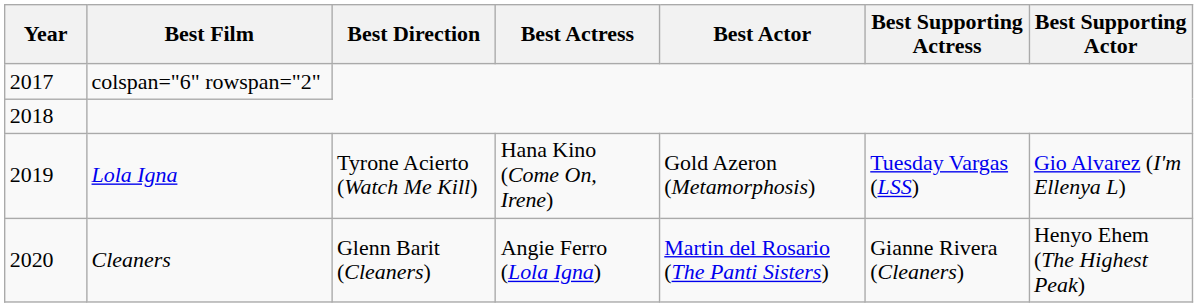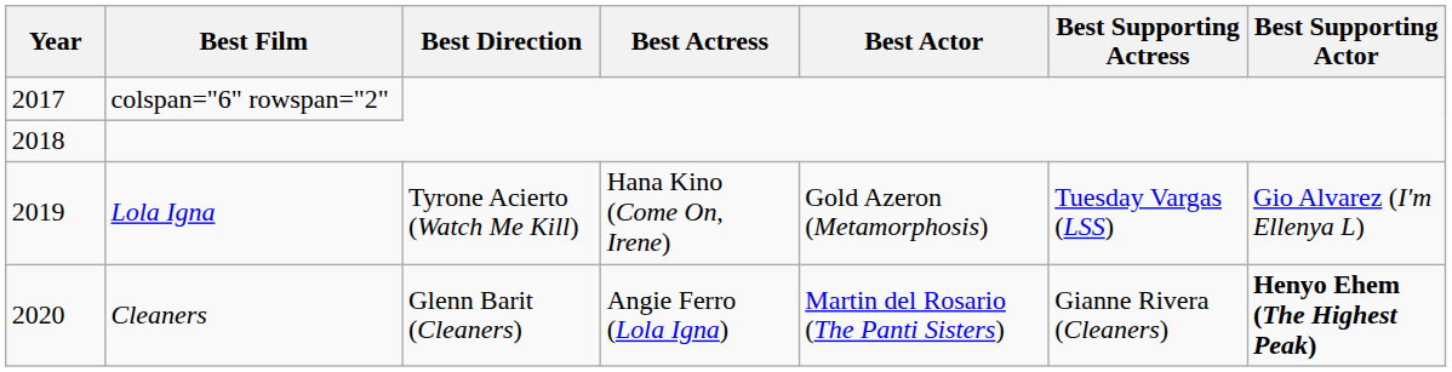 <table class="wikitable">
 <tr>
 <th style="width:5%;">Year</th>
 <th style="width:15%;">Best Film</th>
 <th style="width:10%;">Best Direction</th>
 <th style="width:10%;">Best Actress</th>
 <th style="width:10%;">Best Actor</th>
 <th style="width:10%;">Best Supporting Actress</th>
 <th style="width:10%;">Best Supporting Actor</th>
 </tr>
 <tr>
 <td>2017</td>
 <td>colspan="6" rowspan="2" </td>
 </tr>
 <tr>
 <td>2018</td>
 </tr>
 <tr>
 <td>2019</td>
 <td><em><a href='#'>Lola Igna</a></em></td>
 <td>Tyrone Acierto (<em>Watch Me Kill</em>)</td>
 <td>Hana Kino (<em>Come On, Irene</em>)</td>
 <td>Gold Azeron (<em>Metamorphosis</em>)</td>
 <td><a href='#'>Tuesday Vargas</a> (<a href='#'><em>LSS</em></a>)</td>
 <td><a href='#'>Gio Alvarez</a> (<em>I'm Ellenya L</em>)</td>
 </tr>
 <tr>
 <td>2020</td>
 <td><em>Cleaners</em></td>
 <td>Glenn Barit (<em>Cleaners</em>)</td>
 <td>Angie Ferro (<em><a href='#'>Lola Igna</a></em>)</td>
 <td><a href='#'>Martin del Rosario</a> (<em><a href='#'>The Panti Sisters</a></em>)</td>
 <td>Gianne Rivera (<em>Cleaners</em>)</td>
-<td>Henyo Ehem (<em>The Highest Peak</em>)</td>
+<td><strong>Henyo Ehem (<em>The Highest Peak</em>)</strong></td>
 </tr>
 </table>
